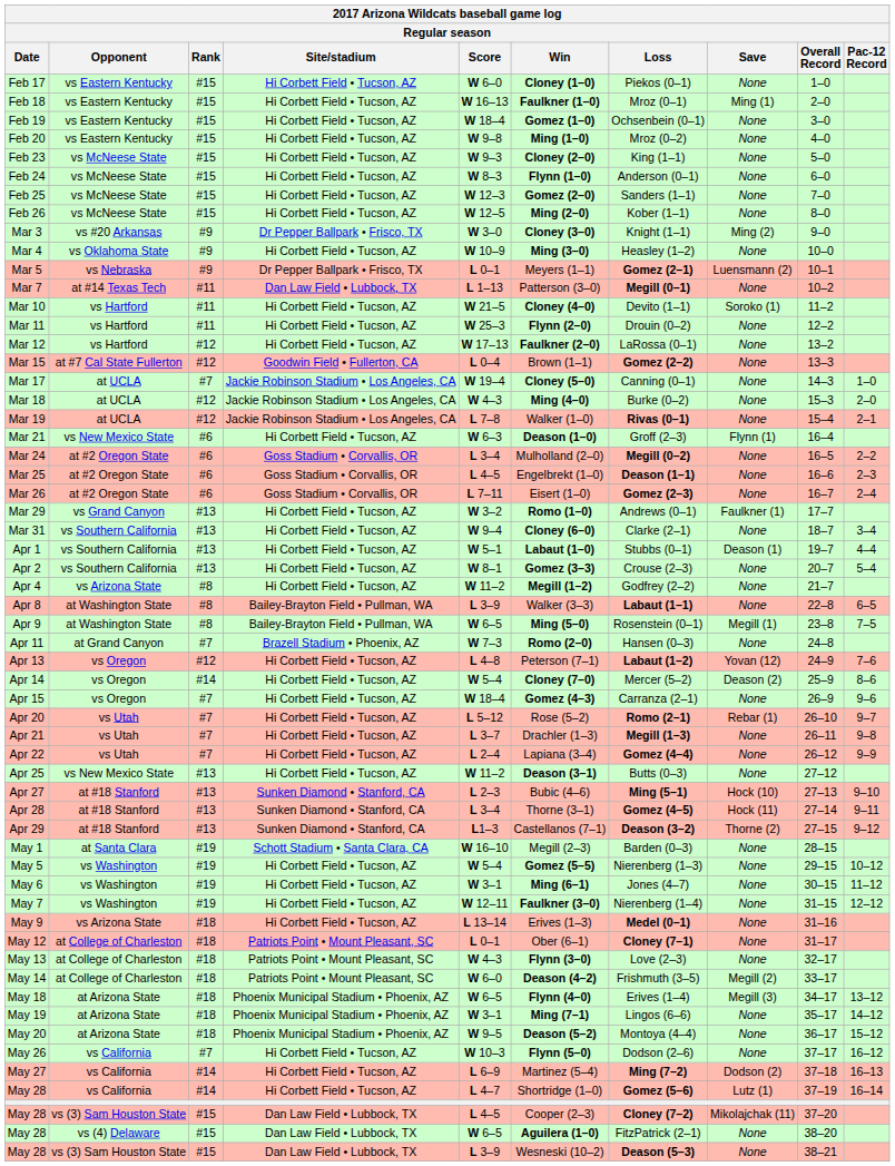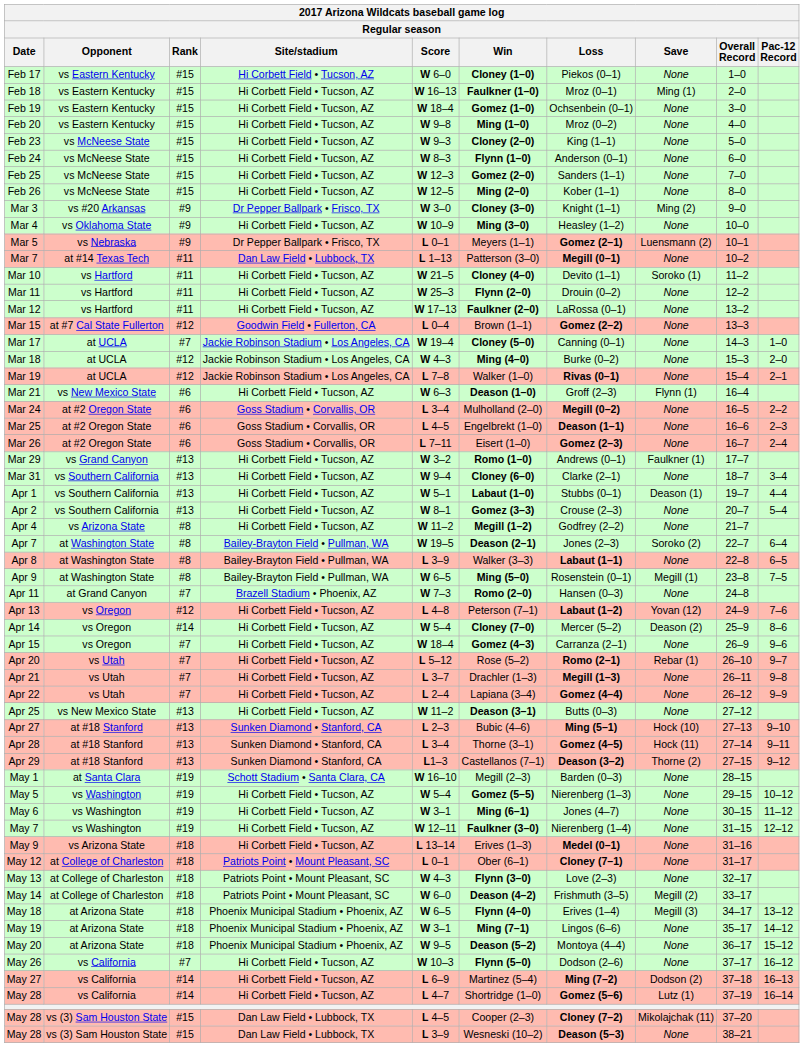 <table class="wikitable">
 <tr>
 <th colspan="10">2017 Arizona Wildcats baseball game log</th>
 </tr>
 <tr>
 <th colspan="10">Regular season</th>
 </tr>
 <tr>
 <th>Date</th>
 <th>Opponent</th>
 <th>Rank</th>
 <th>Site/stadium</th>
 <th>Score</th>
 <th>Win</th>
 <th>Loss</th>
 <th>Save</th>
 <th>Overall<br>Record</th>
 <th>Pac-12<br>Record</th>
 </tr>
 <tr align="center" bgcolor=ccffcc>
 <td>Feb 17</td>
 <td>vs <a href='#'>Eastern Kentucky</a></td>
 <td>#15</td>
 <td><a href='#'>Hi Corbett Field</a> • <a href='#'>Tucson, AZ</a></td>
 <td><strong>W</strong> 6–0</td>
 <td><strong>Cloney (1–0)</strong></td>
 <td>Piekos (0–1)</td>
 <td><em>None</em></td>
 <td>1–0</td>
 <td></td>
 </tr>
 <tr align="center" bgcolor=ccffcc>
 <td>Feb 18</td>
 <td>vs Eastern Kentucky</td>
 <td>#15</td>
 <td>Hi Corbett Field • Tucson, AZ</td>
 <td><strong>W</strong> 16–13</td>
 <td><strong>Faulkner (1–0)</strong></td>
 <td>Mroz (0–1)</td>
 <td>Ming (1)</td>
 <td>2–0</td>
 <td></td>
 </tr>
 <tr align="center" bgcolor=ccffcc>
 <td>Feb 19</td>
 <td>vs Eastern Kentucky</td>
 <td>#15</td>
 <td>Hi Corbett Field • Tucson, AZ</td>
 <td><strong>W</strong> 18–4</td>
 <td><strong>Gomez (1–0)</strong></td>
 <td>Ochsenbein (0–1)</td>
 <td><em>None</em></td>
 <td>3–0</td>
 <td></td>
 </tr>
 <tr align="center" bgcolor=ccffcc>
 <td>Feb 20</td>
 <td>vs Eastern Kentucky</td>
 <td>#15</td>
 <td>Hi Corbett Field • Tucson, AZ</td>
 <td><strong>W</strong> 9–8</td>
 <td><strong>Ming (1–0)</strong></td>
 <td>Mroz (0–2)</td>
 <td><em>None</em></td>
 <td>4–0</td>
 <td></td>
 </tr>
 <tr align="center" bgcolor=ccffcc>
 <td>Feb 23</td>
 <td>vs <a href='#'>McNeese State</a></td>
 <td>#15</td>
 <td>Hi Corbett Field • Tucson, AZ</td>
 <td><strong>W</strong> 9–3</td>
 <td><strong>Cloney (2–0)</strong></td>
 <td>King (1–1)</td>
 <td><em>None</em></td>
 <td>5–0</td>
 <td></td>
 </tr>
 <tr align="center" bgcolor=ccffcc>
 <td>Feb 24</td>
 <td>vs McNeese State</td>
 <td>#15</td>
 <td>Hi Corbett Field • Tucson, AZ</td>
 <td><strong>W</strong> 8–3</td>
 <td><strong>Flynn (1–0)</strong></td>
 <td>Anderson (0–1)</td>
 <td><em>None</em></td>
 <td>6–0</td>
 <td></td>
 </tr>
 <tr align="center" bgcolor=ccffcc>
 <td>Feb 25</td>
 <td>vs McNeese State</td>
 <td>#15</td>
 <td>Hi Corbett Field • Tucson, AZ</td>
 <td><strong>W</strong> 12–3</td>
 <td><strong>Gomez (2–0)</strong></td>
 <td>Sanders (1–1)</td>
 <td><em>None</em></td>
 <td>7–0</td>
 <td></td>
 </tr>
 <tr align="center"  bgcolor=ccffcc>
 <td>Feb 26</td>
 <td>vs McNeese State</td>
 <td>#15</td>
 <td>Hi Corbett Field • Tucson, AZ</td>
 <td><strong>W</strong> 12–5</td>
 <td><strong>Ming (2–0)</strong></td>
 <td>Kober (1–1)</td>
 <td><em>None</em></td>
 <td>8–0</td>
 <td></td>
 </tr>
 <tr align="center" bgcolor=ccffcc>
 <td>Mar 3</td>
 <td>vs #20 <a href='#'>Arkansas</a></td>
 <td>#9</td>
 <td><a href='#'>Dr Pepper Ballpark</a> • <a href='#'>Frisco, TX</a></td>
 <td><strong>W</strong> 3–0</td>
 <td><strong>Cloney (3–0)</strong></td>
 <td>Knight (1–1)</td>
 <td>Ming (2)</td>
 <td>9–0</td>
 <td></td>
 </tr>
 <tr align="center" bgcolor=ccffcc>
 <td>Mar 4</td>
 <td>vs <a href='#'>Oklahoma State</a></td>
 <td>#9</td>
 <td>Hi Corbett Field • Tucson, AZ</td>
 <td><strong>W</strong> 10–9</td>
 <td><strong>Ming (3–0)</strong></td>
 <td>Heasley (1–2)</td>
 <td><em>None</em></td>
 <td>10–0</td>
 <td></td>
 </tr>
 <tr align="center" bgcolor=ffbbb>
 <td>Mar 5</td>
 <td>vs <a href='#'>Nebraska</a></td>
 <td>#9</td>
 <td>Dr Pepper Ballpark • Frisco, TX</td>
 <td><strong>L</strong> 0–1</td>
 <td>Meyers (1–1)</td>
 <td><strong>Gomez (2–1)</strong></td>
 <td>Luensmann (2)</td>
 <td>10–1</td>
 <td></td>
 </tr>
 <tr align="center" bgcolor=ffbbb>
 <td>Mar 7</td>
 <td>at #14 <a href='#'>Texas Tech</a></td>
 <td>#11</td>
 <td><a href='#'>Dan Law Field</a> • <a href='#'>Lubbock, TX</a></td>
 <td><strong>L</strong> 1–13</td>
 <td>Patterson (3–0)</td>
 <td><strong>Megill (0–1)</strong></td>
 <td><em>None</em></td>
 <td>10–2</td>
 <td></td>
 </tr>
 <tr align="center" bgcolor=ccffcc>
 <td>Mar 10</td>
 <td>vs <a href='#'>Hartford</a></td>
 <td>#11</td>
 <td>Hi Corbett Field • Tucson, AZ</td>
 <td><strong>W</strong> 21–5</td>
 <td><strong>Cloney (4–0)</strong></td>
 <td>Devito (1–1)</td>
 <td>Soroko (1)</td>
 <td>11–2</td>
 <td></td>
 </tr>
 <tr align="center" bgcolor=ccffcc>
 <td>Mar 11</td>
 <td>vs Hartford</td>
 <td>#11</td>
 <td>Hi Corbett Field • Tucson, AZ</td>
 <td><strong>W</strong> 25–3</td>
 <td><strong>Flynn (2–0)</strong></td>
 <td>Drouin (0–2)</td>
 <td><em>None</em></td>
 <td>12–2</td>
 <td></td>
 </tr>
 <tr align="center" bgcolor=ccffcc>
 <td>Mar 12</td>
 <td>vs Hartford</td>
-<td>#12</td>
+<td>#11</td>
 <td>Hi Corbett Field • Tucson, AZ</td>
 <td><strong>W</strong> 17–13</td>
 <td><strong>Faulkner (2–0)</strong></td>
 <td>LaRossa (0–1)</td>
 <td><em>None</em></td>
 <td>13–2</td>
 <td></td>
 </tr>
 <tr align="center" bgcolor=ffbbb>
 <td>Mar 15</td>
 <td>at #7 <a href='#'>Cal State Fullerton</a></td>
 <td>#12</td>
 <td><a href='#'>Goodwin Field</a> • <a href='#'>Fullerton, CA</a></td>
 <td><strong>L</strong> 0–4</td>
 <td>Brown (1–1)</td>
 <td><strong>Gomez (2–2)</strong></td>
 <td><em>None</em></td>
 <td>13–3</td>
 <td></td>
 </tr>
 <tr align="center" bgcolor=ccffcc>
 <td>Mar 17</td>
 <td>at <a href='#'>UCLA</a></td>
 <td>#7</td>
 <td><a href='#'>Jackie Robinson Stadium</a> • <a href='#'>Los Angeles, CA</a></td>
 <td><strong>W</strong> 19–4</td>
 <td><strong>Cloney (5–0)</strong></td>
 <td>Canning (0–1)</td>
 <td><em>None</em></td>
 <td>14–3</td>
 <td>1–0</td>
 </tr>
 <tr align="center" bgcolor=ccffcc>
 <td>Mar 18</td>
 <td>at UCLA</td>
 <td>#12</td>
 <td>Jackie Robinson Stadium • Los Angeles, CA</td>
 <td><strong>W</strong> 4–3</td>
 <td><strong>Ming (4–0)</strong></td>
 <td>Burke (0–2)</td>
 <td><em>None</em></td>
 <td>15–3</td>
 <td>2–0</td>
 </tr>
 <tr align="center" bgcolor=ffbbb>
 <td>Mar 19</td>
 <td>at UCLA</td>
 <td>#12</td>
 <td>Jackie Robinson Stadium • Los Angeles, CA</td>
 <td><strong>L</strong> 7–8</td>
 <td>Walker (1–0)</td>
 <td><strong>Rivas (0–1)</strong></td>
 <td><em>None</em></td>
 <td>15–4</td>
 <td>2–1</td>
 </tr>
 <tr align="center" bgcolor=ccffcc>
 <td>Mar 21</td>
 <td>vs <a href='#'>New Mexico State</a></td>
 <td>#6</td>
 <td>Hi Corbett Field • Tucson, AZ</td>
 <td><strong>W</strong> 6–3</td>
 <td><strong>Deason (1–0)</strong></td>
 <td>Groff (2–3)</td>
 <td>Flynn (1)</td>
 <td>16–4</td>
 <td></td>
 </tr>
 <tr align="center" bgcolor=ffbbb>
 <td>Mar 24</td>
 <td>at #2 <a href='#'>Oregon State</a></td>
 <td>#6</td>
 <td><a href='#'>Goss Stadium</a> • <a href='#'>Corvallis, OR</a></td>
 <td><strong>L</strong> 3–4</td>
 <td>Mulholland (2–0)</td>
 <td><strong>Megill (0–2)</strong></td>
 <td><em>None</em></td>
 <td>16–5</td>
 <td>2–2</td>
 </tr>
 <tr align="center" bgcolor=ffbbb>
 <td>Mar 25</td>
 <td>at #2 Oregon State</td>
 <td>#6</td>
 <td>Goss Stadium • Corvallis, OR</td>
 <td><strong>L</strong> 4–5</td>
 <td>Engelbrekt (1–0)</td>
 <td><strong>Deason (1–1)</strong></td>
 <td><em>None</em></td>
 <td>16–6</td>
 <td>2–3</td>
 </tr>
 <tr align="center" bgcolor=ffbbb>
 <td>Mar 26</td>
 <td>at #2 Oregon State</td>
 <td>#6</td>
 <td>Goss Stadium • Corvallis, OR</td>
 <td><strong>L</strong> 7–11</td>
 <td>Eisert (1–0)</td>
 <td><strong>Gomez (2–3)</strong></td>
 <td><em>None</em></td>
 <td>16–7</td>
 <td>2–4</td>
 </tr>
 <tr align="center" bgcolor=ccffcc>
 <td>Mar 29</td>
 <td>vs <a href='#'>Grand Canyon</a></td>
 <td>#13</td>
 <td>Hi Corbett Field • Tucson, AZ</td>
 <td><strong>W</strong> 3–2</td>
 <td><strong>Romo (1–0)</strong></td>
 <td>Andrews (0–1)</td>
 <td>Faulkner (1)</td>
 <td>17–7</td>
 <td></td>
 </tr>
 <tr align="center" bgcolor=ccffcc>
 <td>Mar 31</td>
 <td>vs <a href='#'>Southern California</a></td>
 <td>#13</td>
 <td>Hi Corbett Field • Tucson, AZ</td>
 <td><strong>W</strong> 9–4</td>
 <td><strong>Cloney (6–0)</strong></td>
 <td>Clarke (2–1)</td>
 <td><em>None</em></td>
 <td>18–7</td>
 <td>3–4</td>
 </tr>
 <tr align="center" bgcolor=ccffcc>
 <td>Apr 1</td>
 <td>vs Southern California</td>
 <td>#13</td>
 <td>Hi Corbett Field • Tucson, AZ</td>
 <td><strong>W</strong> 5–1</td>
 <td><strong>Labaut (1–0)</strong></td>
 <td>Stubbs (0–1)</td>
 <td>Deason (1)</td>
 <td>19–7</td>
 <td>4–4</td>
 </tr>
 <tr align="center" bgcolor=ccffcc>
 <td>Apr 2</td>
 <td>vs Southern California</td>
 <td>#13</td>
 <td>Hi Corbett Field • Tucson, AZ</td>
 <td><strong>W</strong> 8–1</td>
 <td><strong>Gomez (3–3)</strong></td>
 <td>Crouse (2–3)</td>
 <td><em>None</em></td>
 <td>20–7</td>
 <td>5–4</td>
 </tr>
 <tr align="center" bgcolor=ccffcc>
 <td>Apr 4</td>
 <td>vs <a href='#'>Arizona State</a></td>
 <td>#8</td>
 <td>Hi Corbett Field • Tucson, AZ</td>
 <td><strong>W</strong> 11–2</td>
 <td><strong>Megill (1–2)</strong></td>
 <td>Godfrey (2–2)</td>
 <td><em>None</em></td>
 <td>21–7</td>
 <td></td>
+</tr>
+<tr align="center" bgcolor=ccffcc>
+<td>Apr 7</td>
+<td>at <a href='#'>Washington State</a></td>
+<td>#8</td>
+<td><a href='#'>Bailey-Brayton Field</a> • <a href='#'>Pullman, WA</a></td>
+<td><strong>W</strong> 19–5</td>
+<td><strong>Deason (2–1)</strong></td>
+<td>Jones (2–3)</td>
+<td>Soroko (2)</td>
+<td>22–7</td>
+<td>6–4</td>
 </tr>
 <tr align="center" bgcolor=ffbbb>
 <td>Apr 8</td>
 <td>at Washington State</td>
 <td>#8</td>
 <td>Bailey-Brayton Field • Pullman, WA</td>
 <td><strong>L</strong> 3–9</td>
 <td>Walker (3–3)</td>
 <td><strong>Labaut (1–1)</strong></td>
 <td><em>None</em></td>
 <td>22–8</td>
 <td>6–5</td>
 </tr>
 <tr align="center" bgcolor=ccffcc>
 <td>Apr 9</td>
 <td>at Washington State</td>
 <td>#8</td>
 <td>Bailey-Brayton Field • Pullman, WA</td>
 <td><strong>W</strong> 6–5</td>
 <td><strong>Ming (5–0)</strong></td>
 <td>Rosenstein (0–1)</td>
 <td>Megill (1)</td>
 <td>23–8</td>
 <td>7–5</td>
 </tr>
 <tr align="center" bgcolor=ccffcc>
 <td>Apr 11</td>
 <td>at Grand Canyon</td>
 <td>#7</td>
 <td><a href='#'>Brazell Stadium</a> • Phoenix, AZ</td>
 <td><strong>W</strong> 7–3</td>
 <td><strong>Romo (2–0)</strong></td>
 <td>Hansen (0–3)</td>
 <td><em>None</em></td>
 <td>24–8</td>
 <td></td>
 </tr>
 <tr align="center" bgcolor=ffbbb>
 <td>Apr 13</td>
 <td>vs <a href='#'>Oregon</a></td>
 <td>#12</td>
 <td>Hi Corbett Field • Tucson, AZ</td>
 <td><strong>L</strong> 4–8</td>
 <td>Peterson (7–1)</td>
 <td><strong>Labaut (1–2)</strong></td>
 <td>Yovan (12)</td>
 <td>24–9</td>
 <td>7–6</td>
 </tr>
 <tr align="center" bgcolor=ccffcc>
 <td>Apr 14</td>
 <td>vs Oregon</td>
 <td>#14</td>
 <td>Hi Corbett Field • Tucson, AZ</td>
 <td><strong>W</strong> 5–4</td>
 <td><strong>Cloney (7–0)</strong></td>
 <td>Mercer (5–2)</td>
 <td>Deason (2)</td>
 <td>25–9</td>
 <td>8–6</td>
 </tr>
 <tr align="center" bgcolor=ccffcc>
 <td>Apr 15</td>
 <td>vs Oregon</td>
 <td>#7</td>
 <td>Hi Corbett Field • Tucson, AZ</td>
 <td><strong>W</strong> 18–4</td>
 <td><strong>Gomez (4–3)</strong></td>
 <td>Carranza (2–1)</td>
 <td><em>None</em></td>
 <td>26–9</td>
 <td>9–6</td>
 </tr>
 <tr align="center" bgcolor=ffbbb>
 <td>Apr 20</td>
 <td>vs <a href='#'>Utah</a></td>
 <td>#7</td>
 <td>Hi Corbett Field • Tucson, AZ</td>
 <td><strong>L</strong> 5–12</td>
 <td>Rose (5–2)</td>
 <td><strong>Romo (2–1)</strong></td>
 <td>Rebar (1)</td>
 <td>26–10</td>
 <td>9–7</td>
 </tr>
 <tr align="center" bgcolor=ffbbb>
 <td>Apr 21</td>
 <td>vs Utah</td>
 <td>#7</td>
 <td>Hi Corbett Field • Tucson, AZ</td>
 <td><strong>L</strong> 3–7</td>
 <td>Drachler (1–3)</td>
 <td><strong>Megill (1–3)</strong></td>
 <td><em>None</em></td>
 <td>26–11</td>
 <td>9–8</td>
 </tr>
 <tr align="center" bgcolor=ffbbb>
 <td>Apr 22</td>
 <td>vs Utah</td>
 <td>#7</td>
 <td>Hi Corbett Field • Tucson, AZ</td>
 <td><strong>L</strong> 2–4</td>
 <td>Lapiana (3–4)</td>
 <td><strong>Gomez (4–4)</strong></td>
 <td><em>None</em></td>
 <td>26–12</td>
 <td>9–9</td>
 </tr>
 <tr align="center" bgcolor=ccffcc>
 <td>Apr 25</td>
 <td>vs New Mexico State</td>
 <td>#13</td>
 <td>Hi Corbett Field • Tucson, AZ</td>
 <td><strong>W</strong> 11–2</td>
 <td><strong>Deason (3–1)</strong></td>
 <td>Butts (0–3)</td>
 <td><em>None</em></td>
 <td>27–12</td>
 <td></td>
 </tr>
 <tr align="center" bgcolor=ffbbb>
 <td>Apr 27</td>
 <td>at #18 <a href='#'>Stanford</a></td>
 <td>#13</td>
 <td><a href='#'>Sunken Diamond</a> • <a href='#'>Stanford, CA</a></td>
 <td><strong>L</strong> 2–3</td>
 <td>Bubic (4–6)</td>
 <td><strong>Ming (5–1)</strong></td>
 <td>Hock (10)</td>
 <td>27–13</td>
 <td>9–10</td>
 </tr>
 <tr align="center" bgcolor=ffbbb>
 <td>Apr 28</td>
 <td>at #18 Stanford</td>
 <td>#13</td>
 <td>Sunken Diamond • Stanford, CA</td>
 <td><strong>L</strong> 3–4</td>
 <td>Thorne (3–1)</td>
 <td><strong>Gomez (4–5)</strong></td>
 <td>Hock (11)</td>
 <td>27–14</td>
 <td>9–11</td>
 </tr>
 <tr align="center" bgcolor=ffbbb>
 <td>Apr 29</td>
 <td>at #18 Stanford</td>
 <td>#13</td>
 <td>Sunken Diamond • Stanford, CA</td>
 <td><strong>L</strong>1–3</td>
 <td>Castellanos (7–1)</td>
 <td><strong>Deason (3–2)</strong></td>
 <td>Thorne (2)</td>
 <td>27–15</td>
 <td>9–12</td>
 </tr>
 <tr align="center" bgcolor=ccffcc>
 <td>May 1</td>
 <td>at <a href='#'>Santa Clara</a></td>
 <td>#19</td>
 <td><a href='#'>Schott Stadium</a> • <a href='#'>Santa Clara, CA</a></td>
 <td><strong>W</strong> 16–10</td>
 <td>Megill (2–3)</td>
 <td>Barden (0–3)</td>
 <td><em>None</em></td>
 <td>28–15</td>
 <td></td>
 </tr>
 <tr align="center" bgcolor=ccffcc>
 <td>May 5</td>
 <td>vs <a href='#'>Washington</a></td>
 <td>#19</td>
 <td>Hi Corbett Field • Tucson, AZ</td>
 <td><strong>W</strong> 5–4</td>
 <td><strong>Gomez (5–5)</strong></td>
 <td>Nierenberg (1–3)</td>
 <td><em>None</em></td>
 <td>29–15</td>
 <td>10–12</td>
 </tr>
 <tr align="center" bgcolor=ccffcc>
 <td>May 6</td>
 <td>vs Washington</td>
 <td>#19</td>
 <td>Hi Corbett Field • Tucson, AZ</td>
 <td><strong>W</strong> 3–1</td>
 <td><strong>Ming (6–1)</strong></td>
 <td>Jones (4–7)</td>
 <td><em>None</em></td>
 <td>30–15</td>
 <td>11–12</td>
 </tr>
 <tr align="center" bgcolor=ccffcc>
 <td>May 7</td>
 <td>vs Washington</td>
 <td>#19</td>
 <td>Hi Corbett Field • Tucson, AZ</td>
 <td><strong>W</strong> 12–11</td>
 <td><strong>Faulkner (3–0)</strong></td>
 <td>Nierenberg (1–4)</td>
 <td><em>None</em></td>
 <td>31–15</td>
 <td>12–12</td>
 </tr>
 <tr align="center" bgcolor=ffbbb>
 <td>May 9</td>
 <td>vs Arizona State</td>
 <td>#18</td>
 <td>Hi Corbett Field • Tucson, AZ</td>
 <td><strong>L</strong> 13–14</td>
 <td>Erives (1–3)</td>
 <td><strong>Medel (0–1)</strong></td>
 <td><em>None</em></td>
 <td>31–16</td>
 <td></td>
 </tr>
 <tr align="center" bgcolor=ffbbb>
 <td>May 12</td>
 <td>at <a href='#'>College of Charleston</a></td>
 <td>#18</td>
 <td><a href='#'>Patriots Point</a> • <a href='#'>Mount Pleasant, SC</a></td>
 <td><strong>L</strong> 0–1</td>
 <td>Ober (6–1)</td>
 <td><strong>Cloney (7–1)</strong></td>
 <td><em>None</em></td>
 <td>31–17</td>
 <td></td>
 </tr>
 <tr align="center" bgcolor=ccffcc>
 <td>May 13</td>
 <td>at College of Charleston</td>
 <td>#18</td>
 <td>Patriots Point • Mount Pleasant, SC</td>
 <td><strong>W</strong> 4–3</td>
 <td><strong>Flynn (3–0)</strong></td>
 <td>Love (2–3)</td>
 <td><em>None</em></td>
 <td>32–17</td>
 <td></td>
 </tr>
 <tr align="center" bgcolor=ccffcc>
 <td>May 14</td>
 <td>at College of Charleston</td>
 <td>#18</td>
 <td>Patriots Point • Mount Pleasant, SC</td>
 <td><strong>W</strong> 6–0</td>
 <td><strong>Deason (4–2)</strong></td>
 <td>Frishmuth (3–5)</td>
 <td>Megill (2)</td>
 <td>33–17</td>
 <td></td>
 </tr>
 <tr align="center" bgcolor=ccffcc>
 <td>May 18</td>
 <td>at Arizona State</td>
 <td>#18</td>
 <td>Phoenix Municipal Stadium • Phoenix, AZ</td>
 <td><strong>W</strong> 6–5</td>
 <td><strong>Flynn (4–0)</strong></td>
 <td>Erives (1–4)</td>
 <td>Megill (3)</td>
 <td>34–17</td>
 <td>13–12</td>
 </tr>
 <tr align="center" bgcolor=ccffcc>
 <td>May 19</td>
 <td>at Arizona State</td>
 <td>#18</td>
 <td>Phoenix Municipal Stadium • Phoenix, AZ</td>
 <td><strong>W</strong> 3–1</td>
 <td><strong>Ming (7–1)</strong></td>
 <td>Lingos (6–6)</td>
 <td><em>None</em></td>
 <td>35–17</td>
 <td>14–12</td>
 </tr>
 <tr align="center" bgcolor=ccffcc>
 <td>May 20</td>
 <td>at Arizona State</td>
 <td>#18</td>
 <td>Phoenix Municipal Stadium • Phoenix, AZ</td>
 <td><strong>W</strong> 9–5</td>
 <td><strong>Deason (5–2)</strong></td>
 <td>Montoya (4–4)</td>
 <td><em>None</em></td>
 <td>36–17</td>
 <td>15–12</td>
 </tr>
 <tr align="center" bgcolor=ccffcc>
 <td>May 26</td>
 <td>vs <a href='#'>California</a></td>
 <td>#7</td>
 <td>Hi Corbett Field • Tucson, AZ</td>
 <td><strong>W</strong> 10–3</td>
 <td><strong>Flynn (5–0)</strong></td>
 <td>Dodson (2–6)</td>
 <td><em>None</em></td>
 <td>37–17</td>
 <td>16–12</td>
 </tr>
 <tr align="center" bgcolor=ffbbb>
 <td>May 27</td>
 <td>vs California</td>
 <td>#14</td>
 <td>Hi Corbett Field • Tucson, AZ</td>
 <td><strong>L</strong> 6–9</td>
 <td>Martinez (5–4)</td>
 <td><strong>Ming (7–2)</strong></td>
 <td>Dodson (2)</td>
 <td>37–18</td>
 <td>16–13</td>
 </tr>
 <tr align="center" bgcolor=ffbbb>
 <td>May 28</td>
 <td>vs California</td>
 <td>#14</td>
 <td>Hi Corbett Field • Tucson, AZ</td>
 <td><strong>L</strong> 4–7</td>
 <td>Shortridge (1–0)</td>
 <td><strong>Gomez (5–6)</strong></td>
 <td>Lutz (1)</td>
 <td>37–19</td>
 <td>16–14</td>
 </tr>
 <tr>
 <th colspan="10"><a href='#'></a></th>
 </tr>
 <tr align="center" bgcolor=ffbbb>
 <td>May 28</td>
 <td>vs (3) <a href='#'>Sam Houston State</a></td>
 <td>#15</td>
 <td>Dan Law Field • Lubbock, TX</td>
 <td><strong>L</strong> 4–5</td>
 <td>Cooper (2–3)</td>
 <td><strong>Cloney (7–2)</strong></td>
 <td>Mikolajchak (11)</td>
 <td>37–20</td>
 <td></td>
 </tr>
-<tr align="center" bgcolor=ccffcc>
-<td>May 28</td>
-<td>vs (4) <a href='#'>Delaware</a></td>
-<td>#15</td>
-<td>Dan Law Field • Lubbock, TX</td>
-<td><strong>W</strong> 6–5</td>
-<td><strong>Aguilera (1–0)</strong></td>
-<td>FitzPatrick (2–1)</td>
-<td><em>None</em></td>
-<td>38–20</td>
-<td></td>
-</tr>
 <tr align="center" bgcolor=ffbbb>
 <td>May 28</td>
 <td>vs (3) Sam Houston State</td>
 <td>#15</td>
 <td>Dan Law Field • Lubbock, TX</td>
 <td><strong>L</strong> 3–9</td>
 <td>Wesneski (10–2)</td>
 <td><strong>Deason (5–3)</strong></td>
 <td><em>None</em></td>
 <td>38–21</td>
 <td></td>
 </tr>
 </table>
